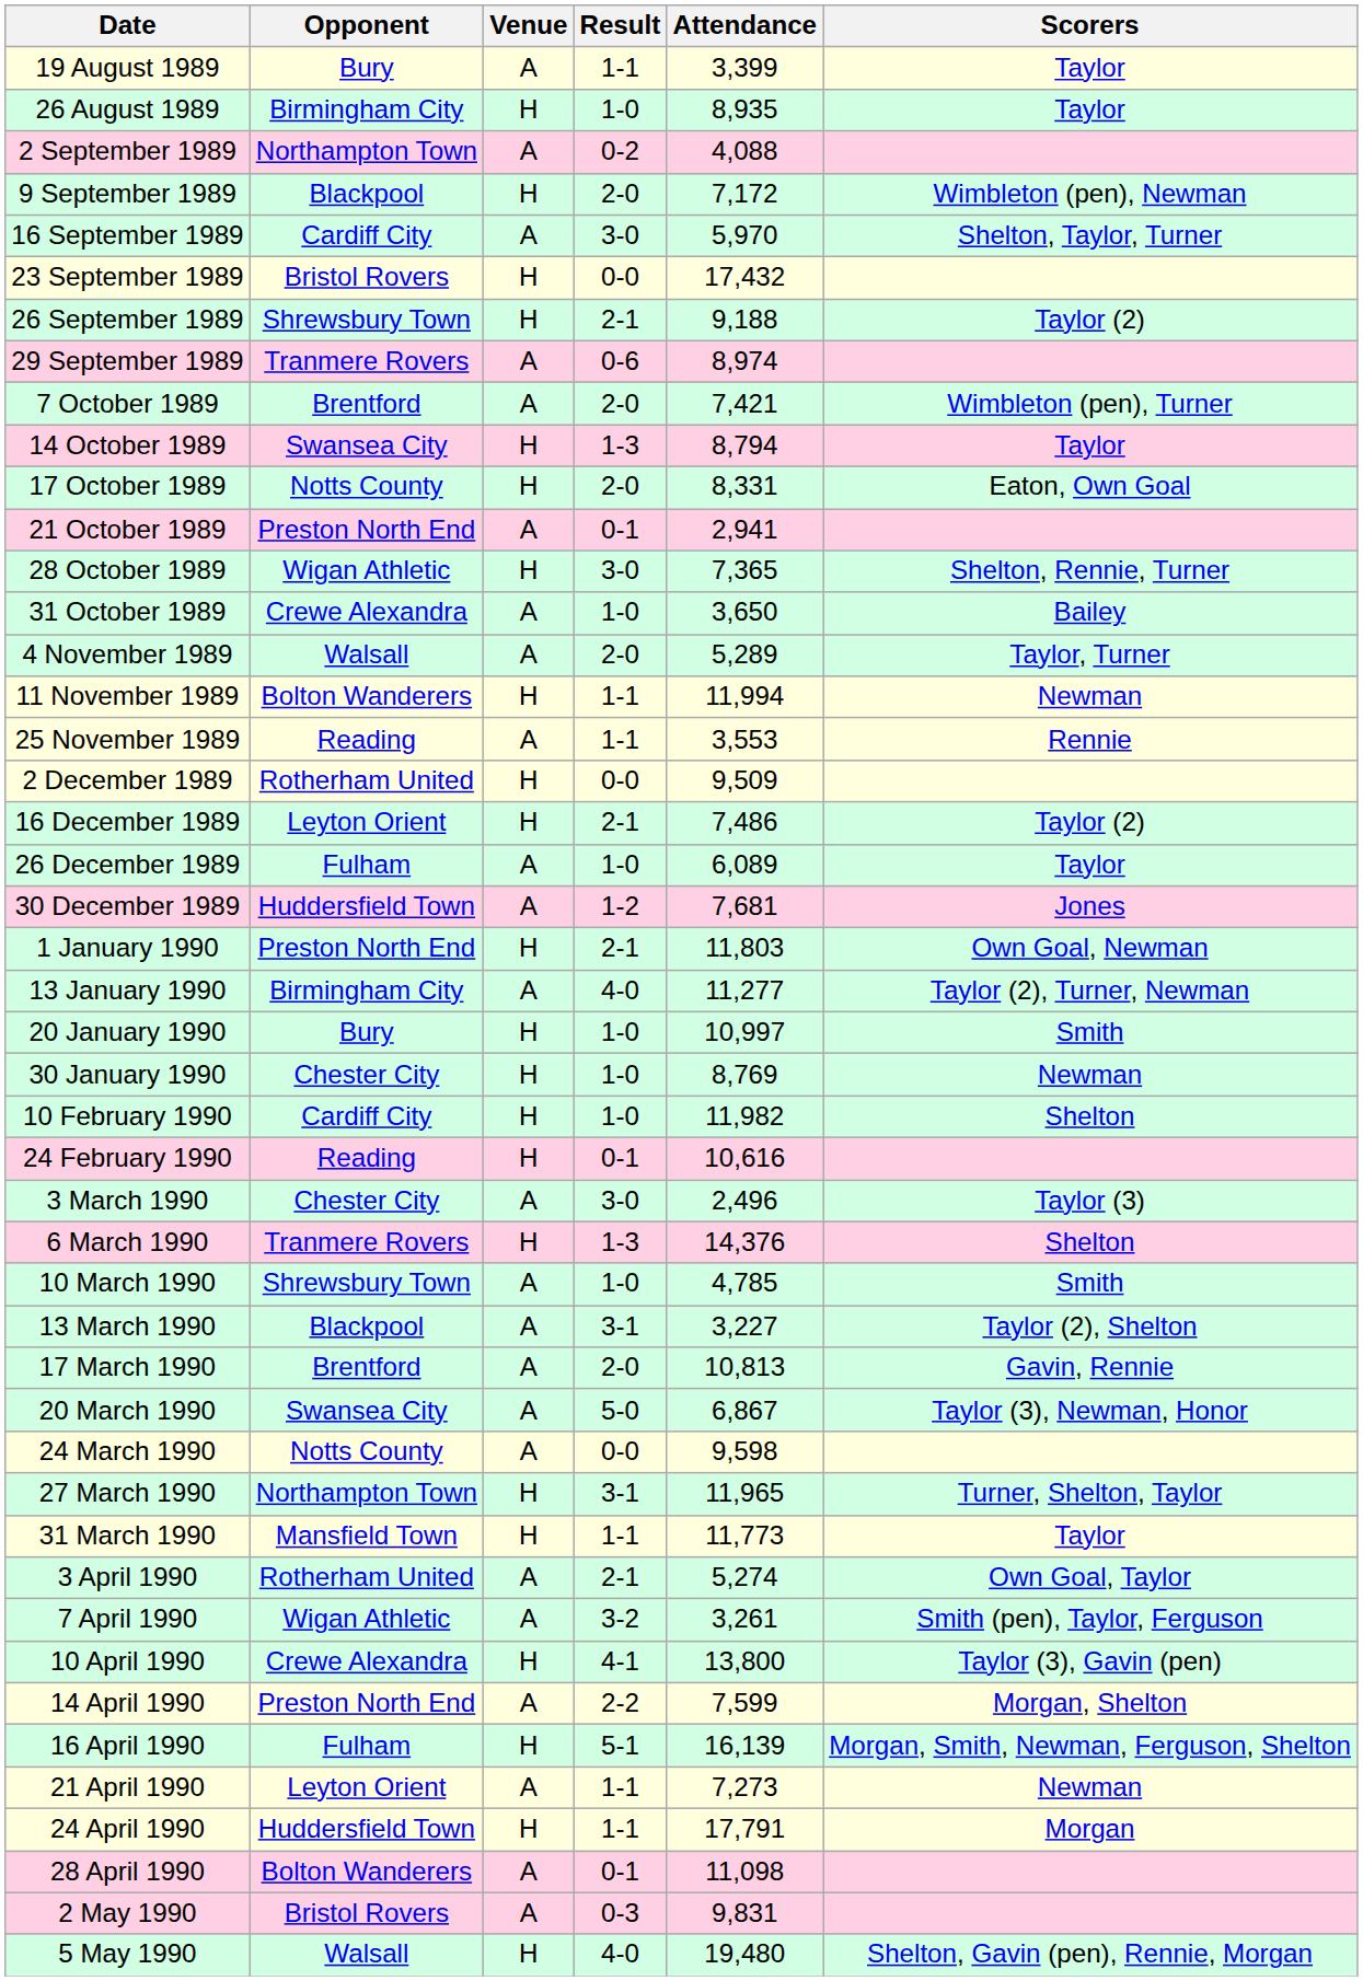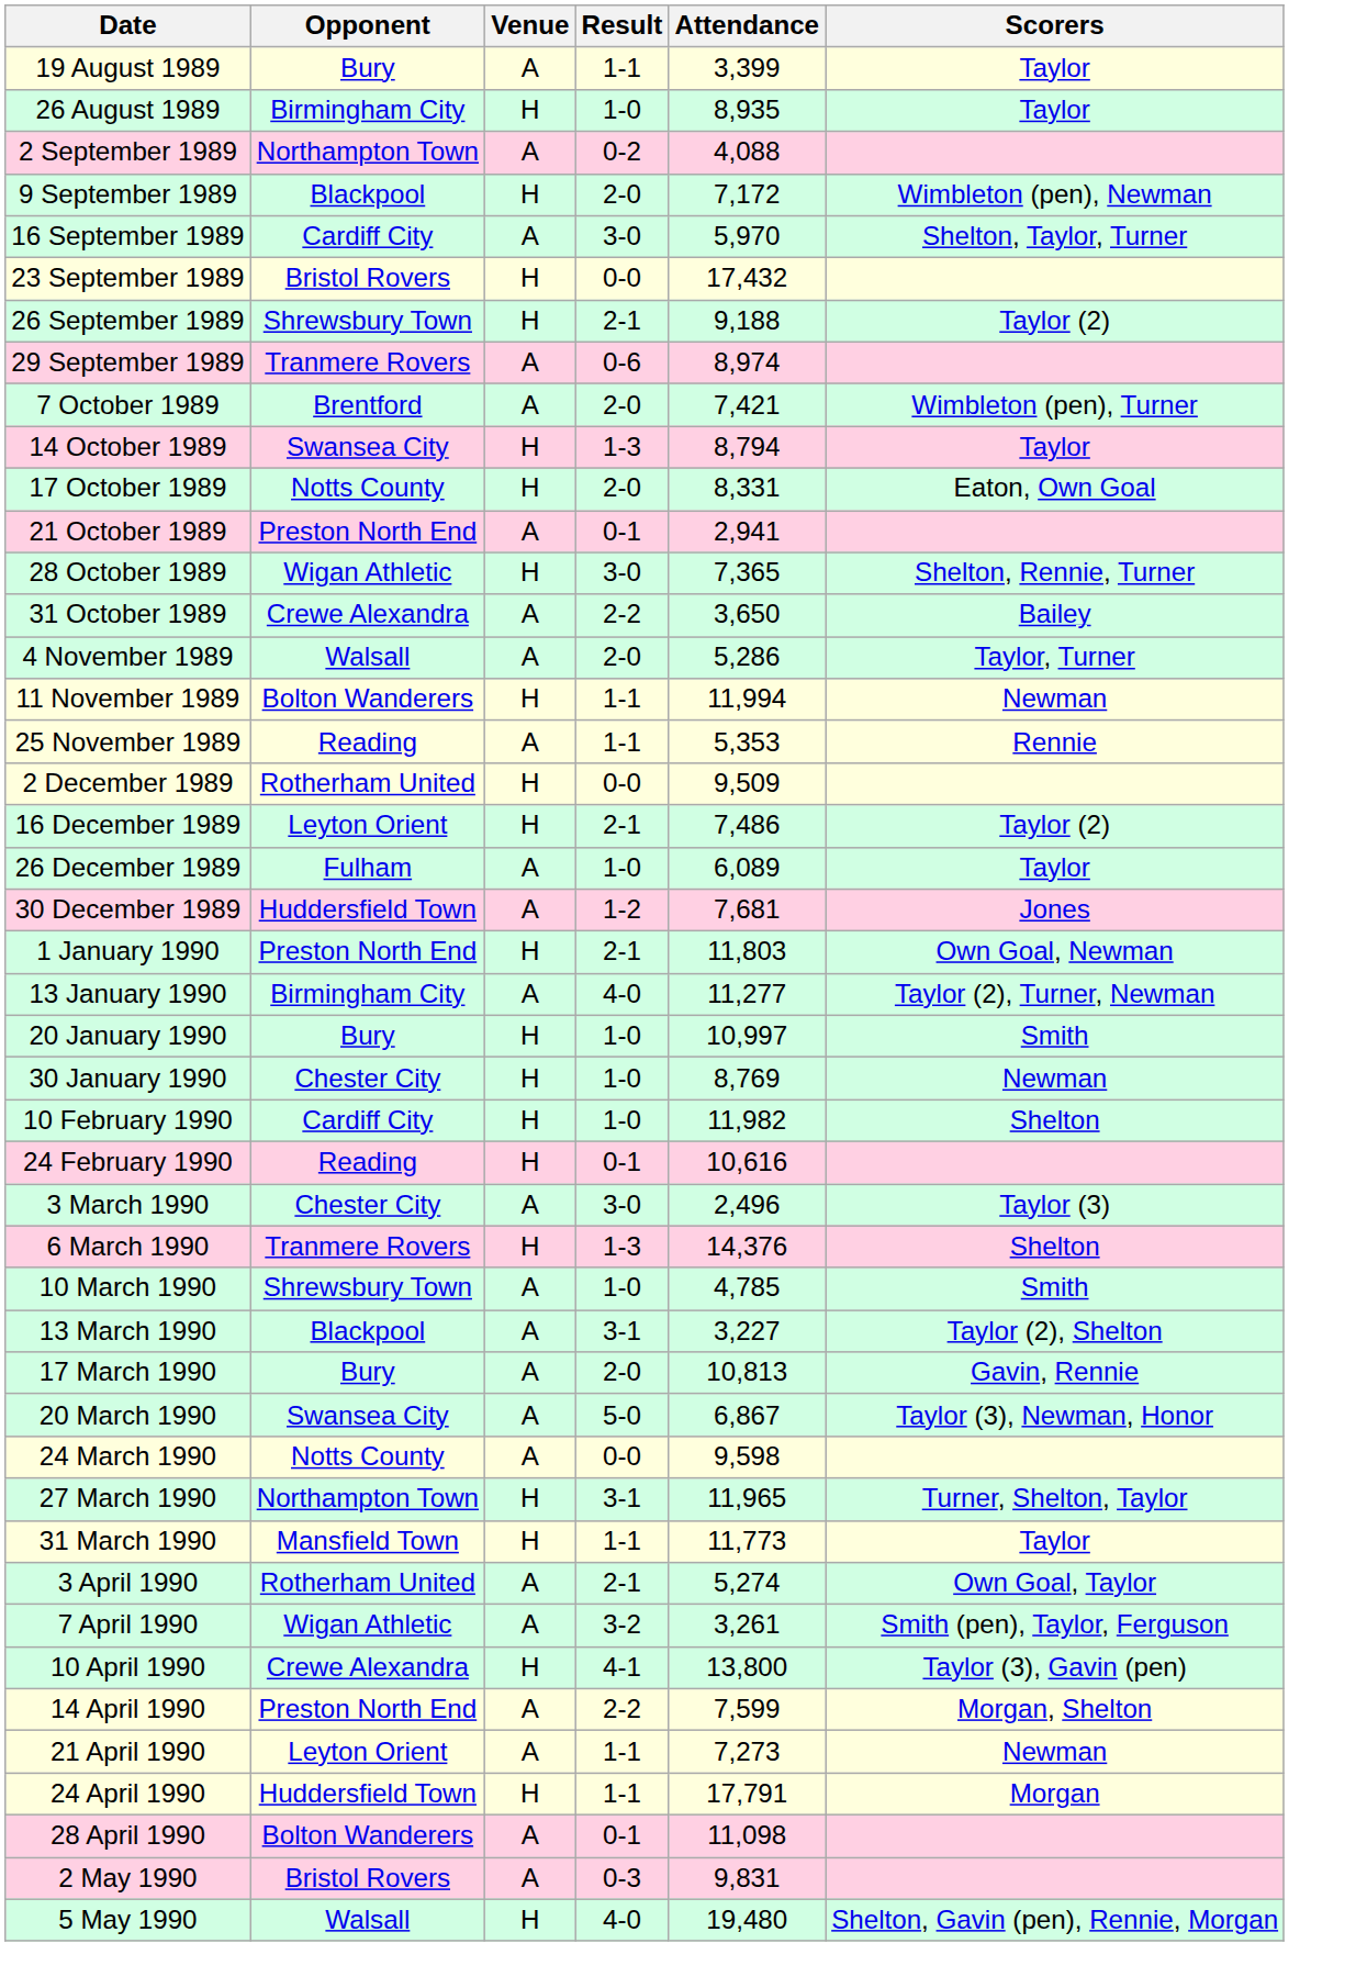 <table class="wikitable sortable" style="font-size:100%; text-align:center">
 <tr>
 <th>Date</th>
 <th>Opponent</th>
 <th>Venue</th>
 <th>Result</th>
 <th>Attendance</th>
 <th>Scorers</th>
 </tr>
 <tr style="background-color: #ffffdd;">
 <td>19 August 1989</td>
 <td><a href='#'>Bury</a></td>
 <td>A</td>
 <td>1-1</td>
 <td>3,399</td>
 <td><a href='#'>Taylor</a></td>
 </tr>
 <tr style="background-color: #d0ffe3;">
 <td>26 August 1989</td>
 <td><a href='#'>Birmingham City</a></td>
 <td>H</td>
 <td>1-0</td>
 <td>8,935</td>
 <td><a href='#'>Taylor</a></td>
 </tr>
 <tr style="background-color: #ffd0e3;">
 <td>2 September 1989</td>
 <td><a href='#'>Northampton Town</a></td>
 <td>A</td>
 <td>0-2</td>
 <td>4,088</td>
 <td></td>
 </tr>
 <tr style="background-color: #d0ffe3;">
 <td>9 September 1989</td>
 <td><a href='#'>Blackpool</a></td>
 <td>H</td>
 <td>2-0</td>
 <td>7,172</td>
 <td><a href='#'>Wimbleton</a> (pen), <a href='#'>Newman</a></td>
 </tr>
 <tr style="background-color: #d0ffe3;">
 <td>16 September 1989</td>
 <td><a href='#'>Cardiff City</a></td>
 <td>A</td>
 <td>3-0</td>
 <td>5,970</td>
 <td><a href='#'>Shelton</a>, <a href='#'>Taylor</a>, <a href='#'>Turner</a></td>
 </tr>
 <tr style="background-color: #ffffdd;">
 <td>23 September 1989</td>
 <td><a href='#'>Bristol Rovers</a></td>
 <td>H</td>
 <td>0-0</td>
 <td>17,432</td>
 <td></td>
 </tr>
 <tr style="background-color: #d0ffe3;">
 <td>26 September 1989</td>
 <td><a href='#'>Shrewsbury Town</a></td>
 <td>H</td>
 <td>2-1</td>
 <td>9,188</td>
 <td><a href='#'>Taylor</a> (2)</td>
 </tr>
 <tr style="background-color: #ffd0e3;">
 <td>29 September 1989</td>
 <td><a href='#'>Tranmere Rovers</a></td>
 <td>A</td>
 <td>0-6</td>
 <td>8,974</td>
 <td></td>
 </tr>
 <tr style="background-color: #d0ffe3;">
 <td>7 October 1989</td>
 <td><a href='#'>Brentford</a></td>
 <td>A</td>
 <td>2-0</td>
 <td>7,421</td>
 <td><a href='#'>Wimbleton</a> (pen), <a href='#'>Turner</a></td>
 </tr>
 <tr style="background-color: #ffd0e3;">
 <td>14 October 1989</td>
 <td><a href='#'>Swansea City</a></td>
 <td>H</td>
 <td>1-3</td>
 <td>8,794</td>
 <td><a href='#'>Taylor</a></td>
 </tr>
 <tr style="background-color: #d0ffe3;">
 <td>17 October 1989</td>
 <td><a href='#'>Notts County</a></td>
 <td>H</td>
 <td>2-0</td>
 <td>8,331</td>
 <td>Eaton, <a href='#'>Own Goal</a></td>
 </tr>
 <tr style="background-color: #ffd0e3;">
 <td>21 October 1989</td>
 <td><a href='#'>Preston North End</a></td>
 <td>A</td>
 <td>0-1</td>
 <td>2,941</td>
 <td></td>
 </tr>
 <tr style="background-color: #d0ffe3;">
 <td>28 October 1989</td>
 <td><a href='#'>Wigan Athletic</a></td>
 <td>H</td>
 <td>3-0</td>
 <td>7,365</td>
 <td><a href='#'>Shelton</a>, <a href='#'>Rennie</a>, <a href='#'>Turner</a></td>
 </tr>
 <tr style="background-color: #d0ffe3;">
 <td>31 October 1989</td>
 <td><a href='#'>Crewe Alexandra</a></td>
 <td>A</td>
-<td>1-0</td>
+<td>2-2</td>
 <td>3,650</td>
 <td><a href='#'>Bailey</a></td>
 </tr>
 <tr style="background-color: #d0ffe3;">
 <td>4 November 1989</td>
 <td><a href='#'>Walsall</a></td>
 <td>A</td>
 <td>2-0</td>
-<td>5,289</td>
+<td>5,286</td>
 <td><a href='#'>Taylor</a>, <a href='#'>Turner</a></td>
 </tr>
 <tr style="background-color: #ffffdd;">
 <td>11 November 1989</td>
 <td><a href='#'>Bolton Wanderers</a></td>
 <td>H</td>
 <td>1-1</td>
 <td>11,994</td>
 <td><a href='#'>Newman</a></td>
 </tr>
 <tr style="background-color: #ffffdd;">
 <td>25 November 1989</td>
 <td><a href='#'>Reading</a></td>
 <td>A</td>
 <td>1-1</td>
-<td>3,553</td>
+<td>5,353</td>
 <td><a href='#'>Rennie</a></td>
 </tr>
 <tr style="background-color: #ffffdd;">
 <td>2 December 1989</td>
 <td><a href='#'>Rotherham United</a></td>
 <td>H</td>
 <td>0-0</td>
 <td>9,509</td>
 <td></td>
 </tr>
 <tr style="background-color: #d0ffe3;">
 <td>16 December 1989</td>
 <td><a href='#'>Leyton Orient</a></td>
 <td>H</td>
 <td>2-1</td>
 <td>7,486</td>
 <td><a href='#'>Taylor</a> (2)</td>
 </tr>
 <tr style="background-color: #d0ffe3;">
 <td>26 December 1989</td>
 <td><a href='#'>Fulham</a></td>
 <td>A</td>
 <td>1-0</td>
 <td>6,089</td>
 <td><a href='#'>Taylor</a></td>
 </tr>
 <tr style="background-color: #ffd0e3;">
 <td>30 December 1989</td>
 <td><a href='#'>Huddersfield Town</a></td>
 <td>A</td>
 <td>1-2</td>
 <td>7,681</td>
 <td><a href='#'>Jones</a></td>
 </tr>
 <tr style="background-color: #d0ffe3;">
 <td>1 January 1990</td>
 <td><a href='#'>Preston North End</a></td>
 <td>H</td>
 <td>2-1</td>
 <td>11,803</td>
 <td><a href='#'>Own Goal</a>, <a href='#'>Newman</a></td>
 </tr>
 <tr style="background-color: #d0ffe3;">
 <td>13 January 1990</td>
 <td><a href='#'>Birmingham City</a></td>
 <td>A</td>
 <td>4-0</td>
 <td>11,277</td>
 <td><a href='#'>Taylor</a> (2), <a href='#'>Turner</a>, <a href='#'>Newman</a></td>
 </tr>
 <tr style="background-color: #d0ffe3;">
 <td>20 January 1990</td>
 <td><a href='#'>Bury</a></td>
 <td>H</td>
 <td>1-0</td>
 <td>10,997</td>
 <td><a href='#'>Smith</a></td>
 </tr>
 <tr style="background-color: #d0ffe3;">
 <td>30 January 1990</td>
 <td><a href='#'>Chester City</a></td>
 <td>H</td>
 <td>1-0</td>
 <td>8,769</td>
 <td><a href='#'>Newman</a></td>
 </tr>
 <tr style="background-color: #d0ffe3;">
 <td>10 February 1990</td>
 <td><a href='#'>Cardiff City</a></td>
 <td>H</td>
 <td>1-0</td>
 <td>11,982</td>
 <td><a href='#'>Shelton</a></td>
 </tr>
 <tr style="background-color: #ffd0e3;">
 <td>24 February 1990</td>
 <td><a href='#'>Reading</a></td>
 <td>H</td>
 <td>0-1</td>
 <td>10,616</td>
 <td></td>
 </tr>
 <tr style="background-color: #d0ffe3;">
 <td>3 March 1990</td>
 <td><a href='#'>Chester City</a></td>
 <td>A</td>
 <td>3-0</td>
 <td>2,496</td>
 <td><a href='#'>Taylor</a> (3)</td>
 </tr>
 <tr style="background-color: #ffd0e3;">
 <td>6 March 1990</td>
 <td><a href='#'>Tranmere Rovers</a></td>
 <td>H</td>
 <td>1-3</td>
 <td>14,376</td>
 <td><a href='#'>Shelton</a></td>
 </tr>
 <tr style="background-color: #d0ffe3;">
 <td>10 March 1990</td>
 <td><a href='#'>Shrewsbury Town</a></td>
 <td>A</td>
 <td>1-0</td>
 <td>4,785</td>
 <td><a href='#'>Smith</a></td>
 </tr>
 <tr style="background-color: #d0ffe3;">
 <td>13 March 1990</td>
 <td><a href='#'>Blackpool</a></td>
 <td>A</td>
 <td>3-1</td>
 <td>3,227</td>
 <td><a href='#'>Taylor</a> (2), <a href='#'>Shelton</a></td>
 </tr>
 <tr style="background-color: #d0ffe3;">
 <td>17 March 1990</td>
-<td><a href='#'>Brentford</a></td>
+<td><a href='#'>Bury</a></td>
 <td>A</td>
 <td>2-0</td>
 <td>10,813</td>
 <td><a href='#'>Gavin</a>, <a href='#'>Rennie</a></td>
 </tr>
 <tr style="background-color: #d0ffe3;">
 <td>20 March 1990</td>
 <td><a href='#'>Swansea City</a></td>
 <td>A</td>
 <td>5-0</td>
 <td>6,867</td>
 <td><a href='#'>Taylor</a> (3), <a href='#'>Newman</a>, <a href='#'>Honor</a></td>
 </tr>
 <tr style="background-color: #ffffdd;">
 <td>24 March 1990</td>
 <td><a href='#'>Notts County</a></td>
 <td>A</td>
 <td>0-0</td>
 <td>9,598</td>
 <td></td>
 </tr>
 <tr style="background-color: #d0ffe3;">
 <td>27 March 1990</td>
 <td><a href='#'>Northampton Town</a></td>
 <td>H</td>
 <td>3-1</td>
 <td>11,965</td>
 <td><a href='#'>Turner</a>, <a href='#'>Shelton</a>, <a href='#'>Taylor</a></td>
 </tr>
 <tr style="background-color: #ffffdd;">
 <td>31 March 1990</td>
 <td><a href='#'>Mansfield Town</a></td>
 <td>H</td>
 <td>1-1</td>
 <td>11,773</td>
 <td><a href='#'>Taylor</a></td>
 </tr>
 <tr style="background-color: #d0ffe3;">
 <td>3 April 1990</td>
 <td><a href='#'>Rotherham United</a></td>
 <td>A</td>
 <td>2-1</td>
 <td>5,274</td>
 <td><a href='#'>Own Goal</a>, <a href='#'>Taylor</a></td>
 </tr>
 <tr style="background-color: #d0ffe3;">
 <td>7 April 1990</td>
 <td><a href='#'>Wigan Athletic</a></td>
 <td>A</td>
 <td>3-2</td>
 <td>3,261</td>
 <td><a href='#'>Smith</a> (pen), <a href='#'>Taylor</a>, <a href='#'>Ferguson</a></td>
 </tr>
 <tr style="background-color: #d0ffe3;">
 <td>10 April 1990</td>
 <td><a href='#'>Crewe Alexandra</a></td>
 <td>H</td>
 <td>4-1</td>
 <td>13,800</td>
 <td><a href='#'>Taylor</a> (3), <a href='#'>Gavin</a> (pen)</td>
 </tr>
 <tr style="background-color: #ffffdd;">
 <td>14 April 1990</td>
 <td><a href='#'>Preston North End</a></td>
 <td>A</td>
 <td>2-2</td>
 <td>7,599</td>
 <td><a href='#'>Morgan</a>, <a href='#'>Shelton</a></td>
 </tr>
-<tr style="background-color: #d0ffe3;">
-<td>16 April 1990</td>
-<td><a href='#'>Fulham</a></td>
-<td>H</td>
-<td>5-1</td>
-<td>16,139</td>
-<td><a href='#'>Morgan</a>, <a href='#'>Smith</a>, <a href='#'>Newman</a>, <a href='#'>Ferguson</a>, <a href='#'>Shelton</a></td>
-</tr>
 <tr style="background-color: #ffffdd;">
 <td>21 April 1990</td>
 <td><a href='#'>Leyton Orient</a></td>
 <td>A</td>
 <td>1-1</td>
 <td>7,273</td>
 <td><a href='#'>Newman</a></td>
 </tr>
 <tr style="background-color: #ffffdd;">
 <td>24 April 1990</td>
 <td><a href='#'>Huddersfield Town</a></td>
 <td>H</td>
 <td>1-1</td>
 <td>17,791</td>
 <td><a href='#'>Morgan</a></td>
 </tr>
 <tr style="background-color: #ffd0e3;">
 <td>28 April 1990</td>
 <td><a href='#'>Bolton Wanderers</a></td>
 <td>A</td>
 <td>0-1</td>
 <td>11,098</td>
 <td></td>
 </tr>
 <tr style="background-color: #ffd0e3;">
 <td>2 May 1990</td>
 <td><a href='#'>Bristol Rovers</a></td>
 <td>A</td>
 <td>0-3</td>
 <td>9,831</td>
 <td></td>
 </tr>
 <tr style="background-color: #d0ffe3;">
 <td>5 May 1990</td>
 <td><a href='#'>Walsall</a></td>
 <td>H</td>
 <td>4-0</td>
 <td>19,480</td>
 <td><a href='#'>Shelton</a>, <a href='#'>Gavin</a> (pen), <a href='#'>Rennie</a>, <a href='#'>Morgan</a></td>
 </tr>
 </table>
